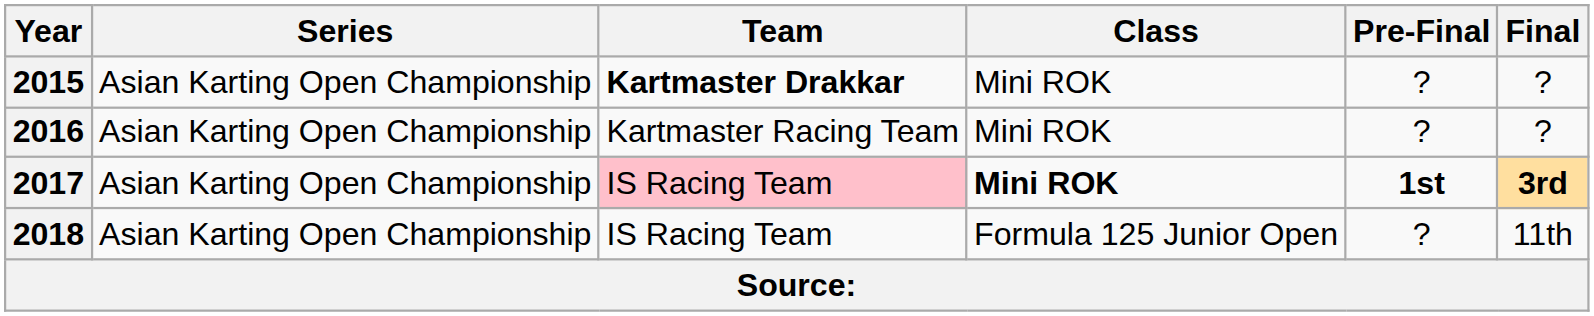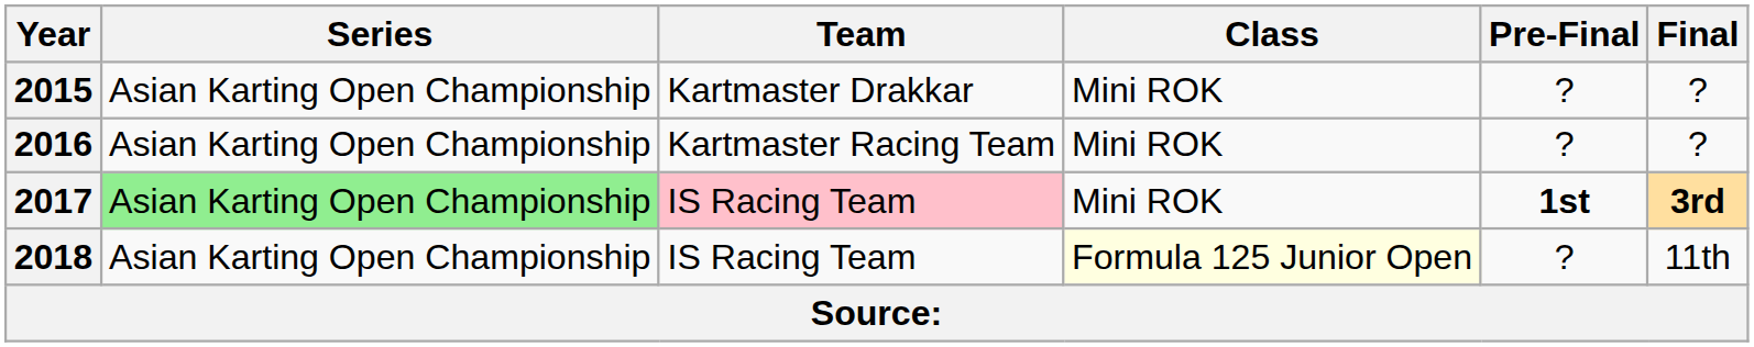 <table class="wikitable" style="text-align:center; font-size:90%">
 <tr>
 <th>Year</th>
 <th>Series</th>
 <th>Team</th>
 <th>Class</th>
 <th>Pre-Final</th>
 <th>Final</th>
 </tr>
 <tr>
 <th>2015</th>
 <td align="left">Asian Karting Open Championship</td>
-<td align="left"><strong>Kartmaster Drakkar</strong></td>
+<td align="left">Kartmaster Drakkar</td>
 <td align="left">Mini ROK</td>
 <td>?</td>
 <td>?</td>
 </tr>
 <tr>
 <th>2016</th>
 <td align="left">Asian Karting Open Championship</td>
 <td align="left">Kartmaster Racing Team</td>
 <td align="left">Mini ROK</td>
 <td>?</td>
 <td>?</td>
 </tr>
 <tr>
 <th>2017</th>
-<td align="left">Asian Karting Open Championship</td>
+<td align="left" style="background: lightgreen;">Asian Karting Open Championship</td>
 <td align="left" style="background: pink;">IS Racing Team</td>
-<td align="left"><strong>Mini ROK</strong></td>
+<td align="left">Mini ROK</td>
 <td><strong>1st</strong></td>
 <td style="background:#FFDF9F;"><strong>3rd</strong></td>
 </tr>
 <tr>
 <th>2018</th>
 <td align="left">Asian Karting Open Championship</td>
 <td align="left">IS Racing Team</td>
-<td align="left">Formula 125 Junior Open</td>
+<td align="left" style="background: lightyellow;">Formula 125 Junior Open</td>
 <td>?</td>
 <td>11th</td>
 </tr>
 <tr>
 <th colspan="6">Source:</th>
 </tr>
 </table>
